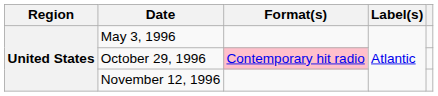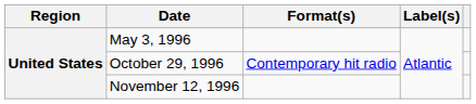 <table class="wikitable plainrowheaders">
 <tr>
 <th scope="col">Region</th>
 <th scope="col">Date</th>
 <th scope="col">Format(s)</th>
 <th scope="col">Label(s)</th>
 <th scope="col"></th>
 </tr>
 <tr>
 <th scope="row" rowspan="3">United States</th>
 <td>May 3, 1996</td>
 <td></td>
 <td rowspan="3"><a href='#'>Atlantic</a></td>
 <td></td>
 </tr>
 <tr>
 <td>October 29, 1996</td>
-<td style="background: pink;"><a href='#'>Contemporary hit radio</a></td>
+<td><a href='#'>Contemporary hit radio</a></td>
 <td></td>
 </tr>
 <tr>
 <td>November 12, 1996</td>
 <td></td>
 <td></td>
 </tr>
 </table>
